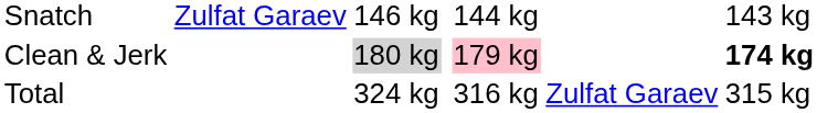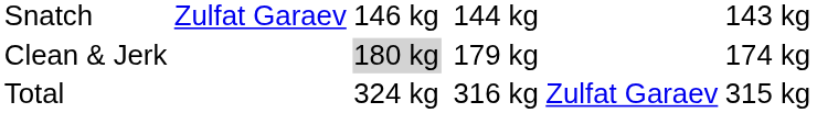 <table>
 <tr>
 <td>Snatch</td>
 <td> <a href='#'>Zulfat Garaev</a> </td>
 <td>146 kg</td>
 <td></td>
 <td>144 kg</td>
 <td></td>
 <td>143 kg</td>
 </tr>
 <tr>
 <td>Clean & Jerk</td>
 <td></td>
 <td style="background: lightgrey;">180 kg</td>
 <td></td>
-<td style="background: pink;">179 kg</td>
+<td>179 kg</td>
 <td></td>
-<td><strong>174 kg</strong></td>
+<td>174 kg</td>
 </tr>
 <tr>
 <td>Total</td>
 <td></td>
 <td>324 kg</td>
 <td></td>
 <td>316 kg</td>
 <td> <a href='#'>Zulfat Garaev</a> </td>
 <td>315 kg</td>
 </tr>
 </table>
